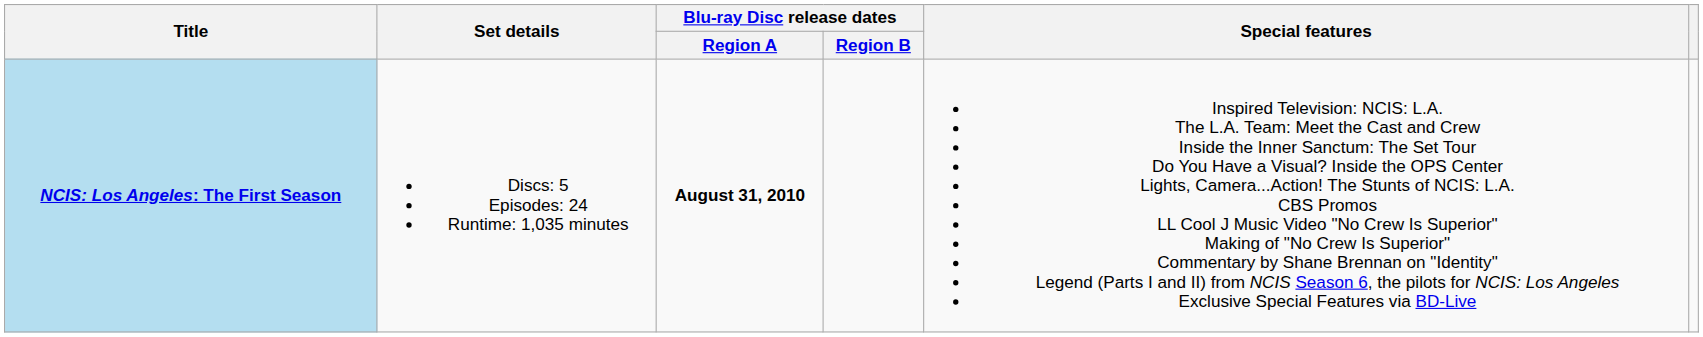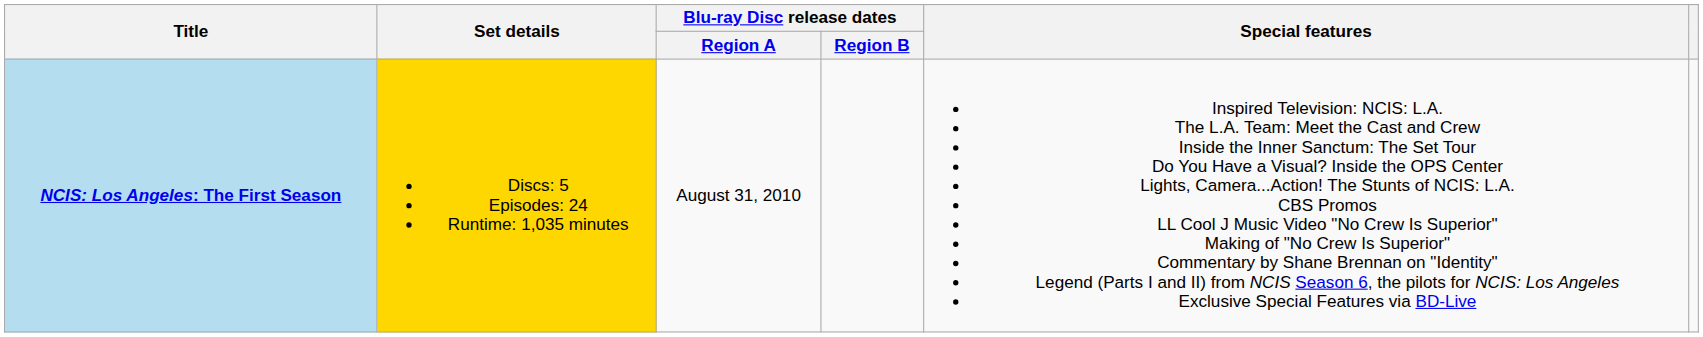 <table class="wikitable plainrowheaders" style="text-align:center; width:100%; margin:auto;">
 <tr>
 <th scope="col" rowspan="2">Title</th>
 <th scope="col" rowspan="2">Set details</th>
 <th scope="col" colspan="2"><a href='#'>Blu-ray Disc</a> release dates</th>
 <th scope="col" rowspan="2">Special features</th>
 <th scope="col" rowspan="2"></th>
 </tr>
 <tr>
 <th scope="col"><a href='#'>Region A</a></th>
 <th scope="col"><a href='#'>Region B</a></th>
 </tr>
 <tr>
 <th scope="row" style="text-align:center; background:#b4def0;"><a href='#'><span><em>NCIS: Los Angeles</em>: The First Season</span></a></th>
-<td><br><ul><li>Discs: 5</li><li>Episodes: 24</li><li>Runtime: 1,035 minutes</li></ul></td>
-<td><strong>August 31, 2010</strong></td>
+<td style="background: gold;"><br><ul><li>Discs: 5</li><li>Episodes: 24</li><li>Runtime: 1,035 minutes</li></ul></td>
+<td>August 31, 2010</td>
 <td></td>
 <td><br><ul><li>Inspired Television: NCIS: L.A.</li><li>The L.A. Team: Meet the Cast and Crew</li><li>Inside the Inner Sanctum: The Set Tour</li><li>Do You Have a Visual? Inside the OPS Center</li><li>Lights, Camera...Action! The Stunts of NCIS: L.A.</li><li>CBS Promos</li><li>LL Cool J Music Video "No Crew Is Superior"</li><li>Making of "No Crew Is Superior"</li><li>Commentary by Shane Brennan on "Identity"</li><li>Legend (Parts I and II) from <em>NCIS</em> <a href='#'>Season 6</a>, the pilots for <em>NCIS: Los Angeles</em></li><li>Exclusive Special Features via <a href='#'>BD-Live</a></li></ul></td>
 <td></td>
 </tr>
 </table>
